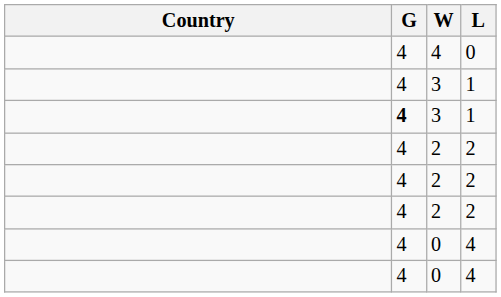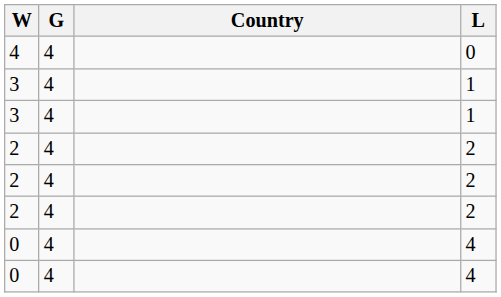 <table class="wikitable">
 <tr>
+<th bgcolor="#efefef" width="20">W</th>
+<th bgcolor="#efefef" width="20">G</th>
 <th bgcolor="#efefef" width="300">Country</th>
-<th bgcolor="#efefef" width="20">G</th>
-<th bgcolor="#efefef" width="20">W</th>
 <th bgcolor="#efefef" width="20">L</th>
 </tr>
 <tr>
-<td></td>
 <td>4</td>
 <td>4</td>
+<td></td>
 <td>0</td>
 </tr>
 <tr>
+<td>3</td>
+<td>4</td>
 <td></td>
-<td>4</td>
-<td>3</td>
 <td>1</td>
 </tr>
 <tr>
+<td>3</td>
+<td>4</td>
 <td></td>
-<td><strong>4</strong></td>
-<td>3</td>
 <td>1</td>
 </tr>
 <tr>
+<td>2</td>
+<td>4</td>
 <td></td>
-<td>4</td>
-<td>2</td>
 <td>2</td>
 </tr>
 <tr>
+<td>2</td>
+<td>4</td>
 <td></td>
-<td>4</td>
-<td>2</td>
 <td>2</td>
 </tr>
 <tr>
+<td>2</td>
+<td>4</td>
 <td></td>
-<td>4</td>
-<td>2</td>
 <td>2</td>
 </tr>
 <tr>
+<td>0</td>
+<td>4</td>
 <td></td>
-<td>4</td>
-<td>0</td>
 <td>4</td>
 </tr>
 <tr>
+<td>0</td>
+<td>4</td>
 <td></td>
-<td>4</td>
-<td>0</td>
 <td>4</td>
 </tr>
 </table>
